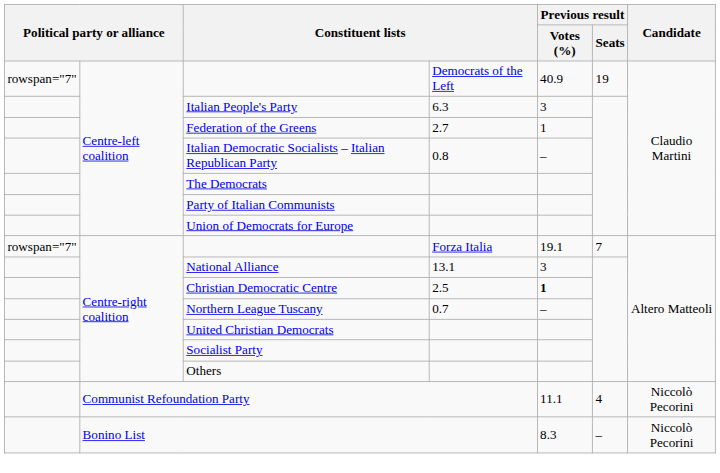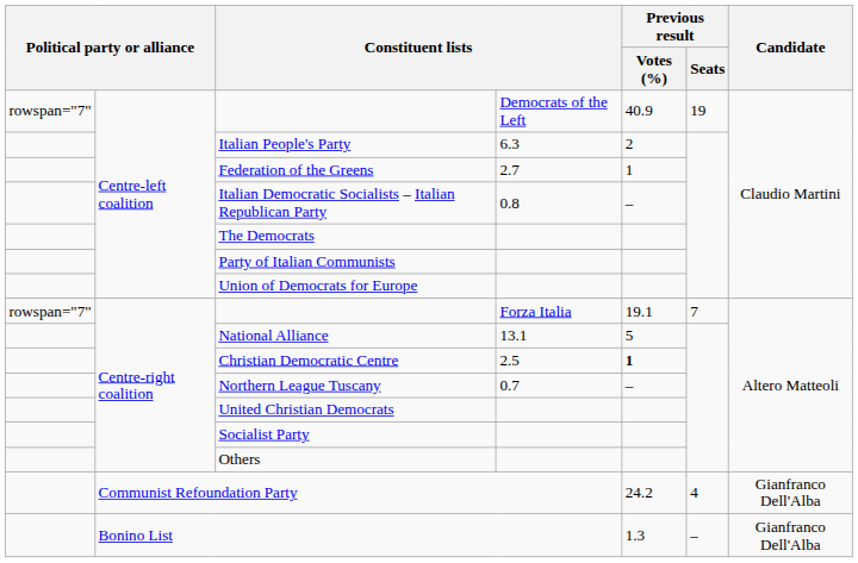 <table class="wikitable" style="text-align:left">
 <tr>
 <th colspan=2 rowspan="2">Political party or alliance</th>
 <th colspan=2 rowspan="2">Constituent lists</th>
 <th colspan="2">Previous result</th>
 <th rowspan="2">Candidate</th>
 </tr>
 <tr>
 <th>Votes (%)</th>
 <th>Seats</th>
 </tr>
 <tr>
 <td>rowspan="7" </td>
 <td rowspan="7"><a href='#'>Centre-left coalition</a></td>
 <td></td>
 <td style="text-align:left;"><a href='#'>Democrats of the Left</a></td>
 <td>40.9</td>
 <td>19</td>
 <td rowspan="7" style="text-align: center;">Claudio Martini</td>
 </tr>
 <tr>
 <td></td>
 <td><a href='#'>Italian People's Party</a></td>
 <td>6.3</td>
-<td>3</td>
+<td>2</td>
 </tr>
 <tr>
 <td></td>
 <td><a href='#'>Federation of the Greens</a></td>
 <td>2.7</td>
 <td>1</td>
 </tr>
 <tr>
 <td></td>
 <td><a href='#'>Italian Democratic Socialists</a> – <a href='#'>Italian Republican Party</a></td>
 <td>0.8</td>
 <td>–</td>
 </tr>
 <tr>
 <td></td>
 <td><a href='#'>The Democrats</a></td>
 <td></td>
 <td></td>
 </tr>
 <tr>
 <td></td>
 <td><a href='#'>Party of Italian Communists</a></td>
 <td></td>
 <td></td>
 </tr>
 <tr>
 <td></td>
 <td><a href='#'>Union of Democrats for Europe</a></td>
 <td></td>
 <td></td>
 </tr>
 <tr>
 <td>rowspan="7" </td>
 <td rowspan=7><a href='#'>Centre-right coalition</a></td>
 <td></td>
 <td style="text-align:left;"><a href='#'>Forza Italia</a></td>
 <td>19.1</td>
 <td>7</td>
 <td rowspan="7" style="text-align: center;">Altero Matteoli</td>
 </tr>
 <tr>
 <td></td>
 <td style="text-align:left;"><a href='#'>National Alliance</a></td>
 <td>13.1</td>
-<td>3</td>
+<td>5</td>
 </tr>
 <tr>
 <td></td>
 <td style="text-align:left;"><a href='#'>Christian Democratic Centre</a></td>
 <td>2.5</td>
 <td><strong>1</strong></td>
 </tr>
 <tr>
 <td></td>
 <td style="text-align:left;"><a href='#'>Northern League Tuscany</a></td>
 <td>0.7</td>
 <td>–</td>
 </tr>
 <tr>
 <td></td>
 <td style="text-align:left;"><a href='#'>United Christian Democrats</a></td>
 <td></td>
 <td></td>
 </tr>
 <tr>
 <td></td>
 <td style="text-align:left;"><a href='#'>Socialist Party</a></td>
 <td></td>
 <td></td>
 </tr>
 <tr>
 <td></td>
 <td style="text-align:left;">Others</td>
 <td></td>
 <td></td>
 </tr>
 <tr>
 <td></td>
 <td colspan="3"><a href='#'>Communist Refoundation Party</a></td>
-<td>11.1</td>
+<td>24.2</td>
 <td>4</td>
-<td style="text-align: center;">Niccolò Pecorini</td>
+<td style="text-align: center;">Gianfranco Dell'Alba</td>
 </tr>
 <tr>
 <td></td>
 <td colspan="3"><a href='#'>Bonino List</a></td>
-<td>8.3</td>
+<td>1.3</td>
 <td>–</td>
-<td style="text-align: center;">Niccolò Pecorini</td>
+<td style="text-align: center;">Gianfranco Dell'Alba</td>
 </tr>
 </table>
